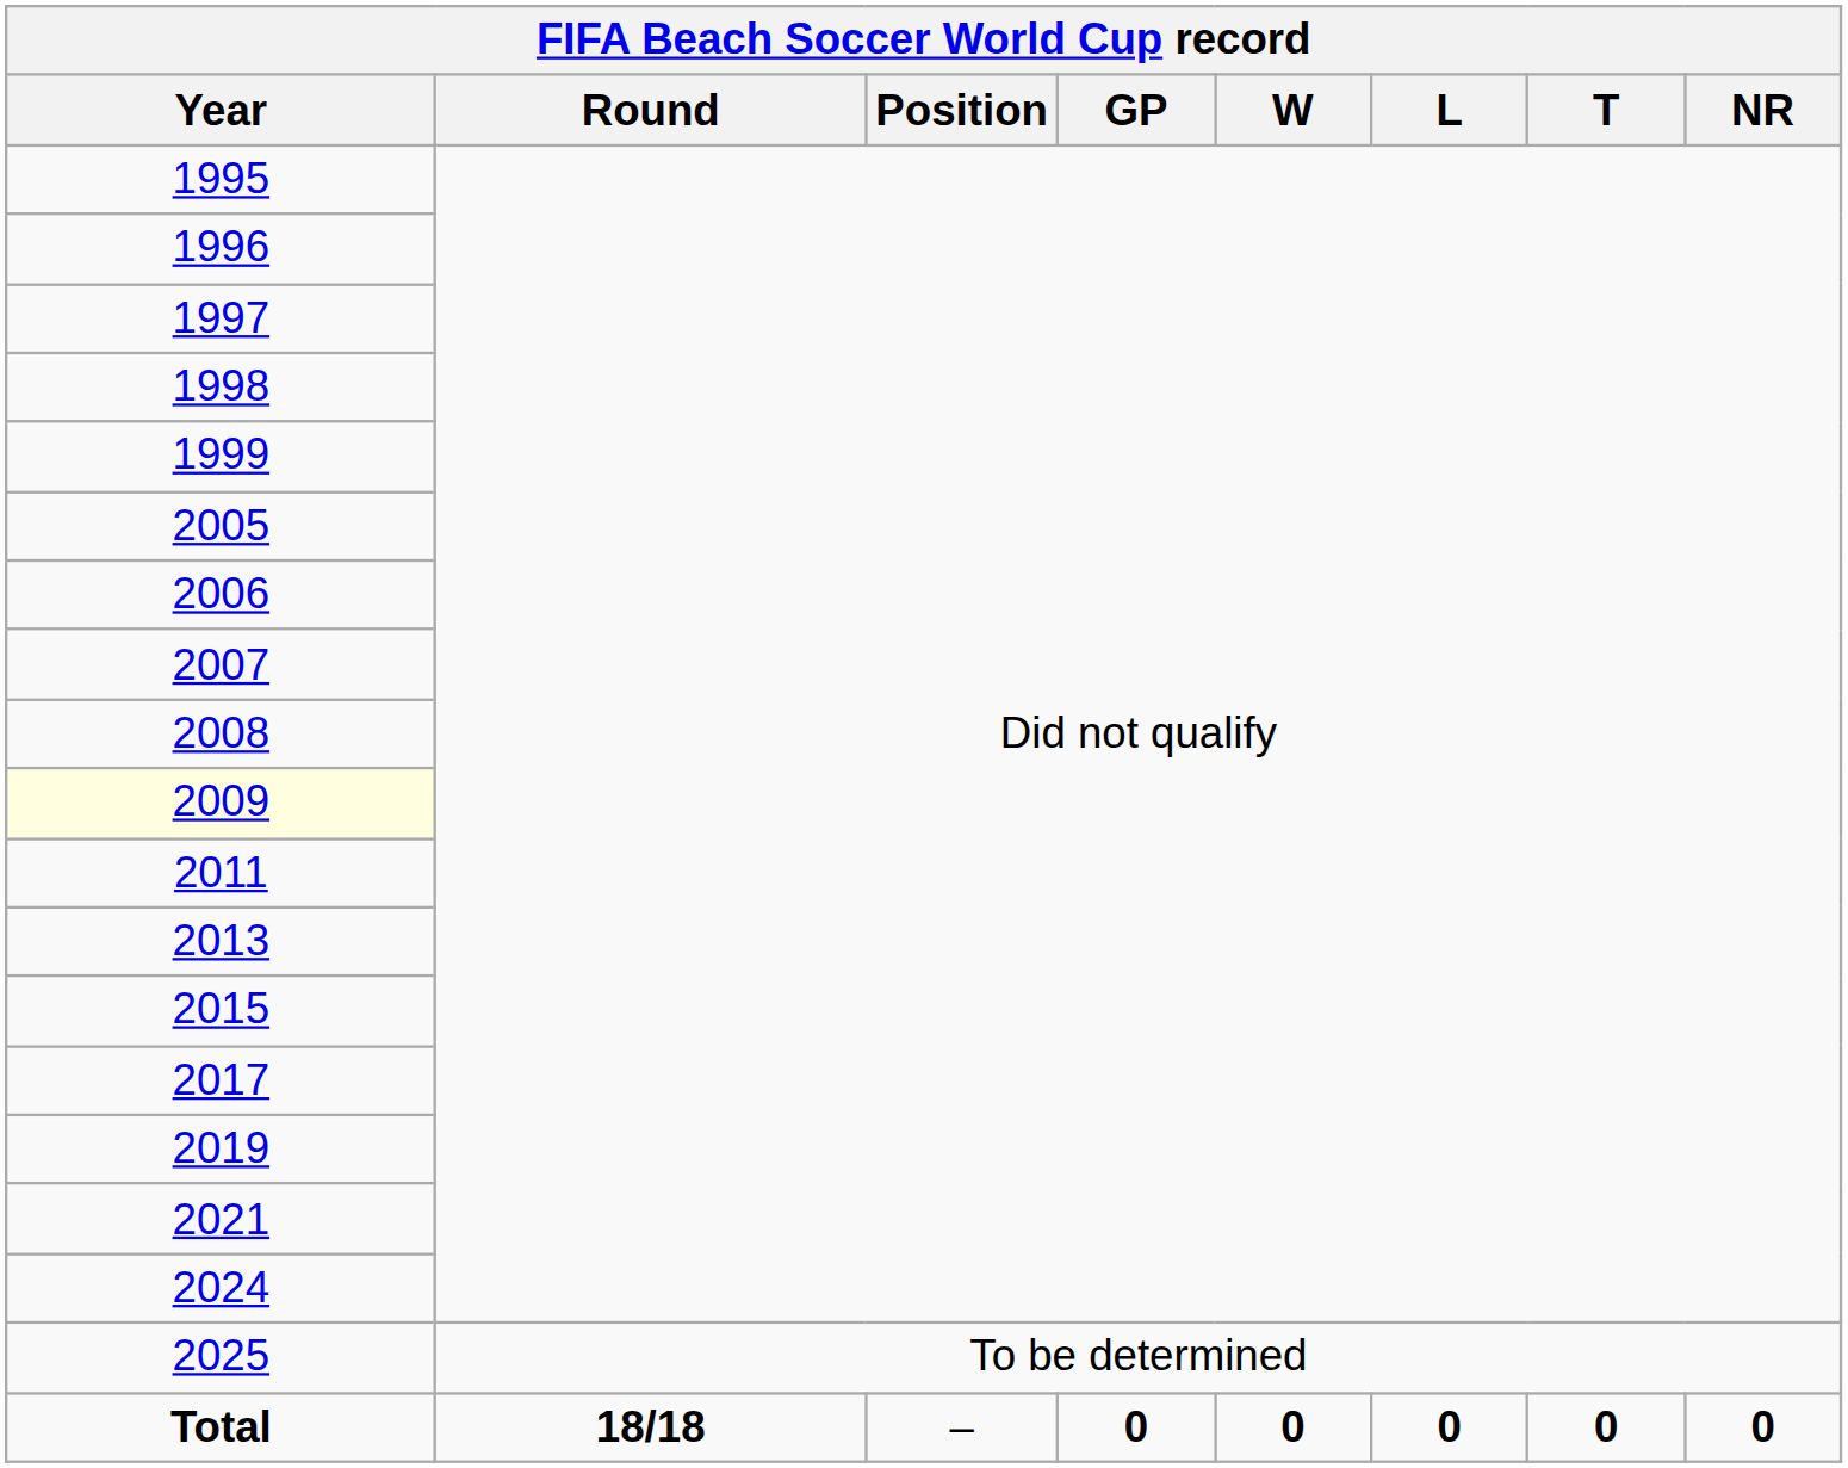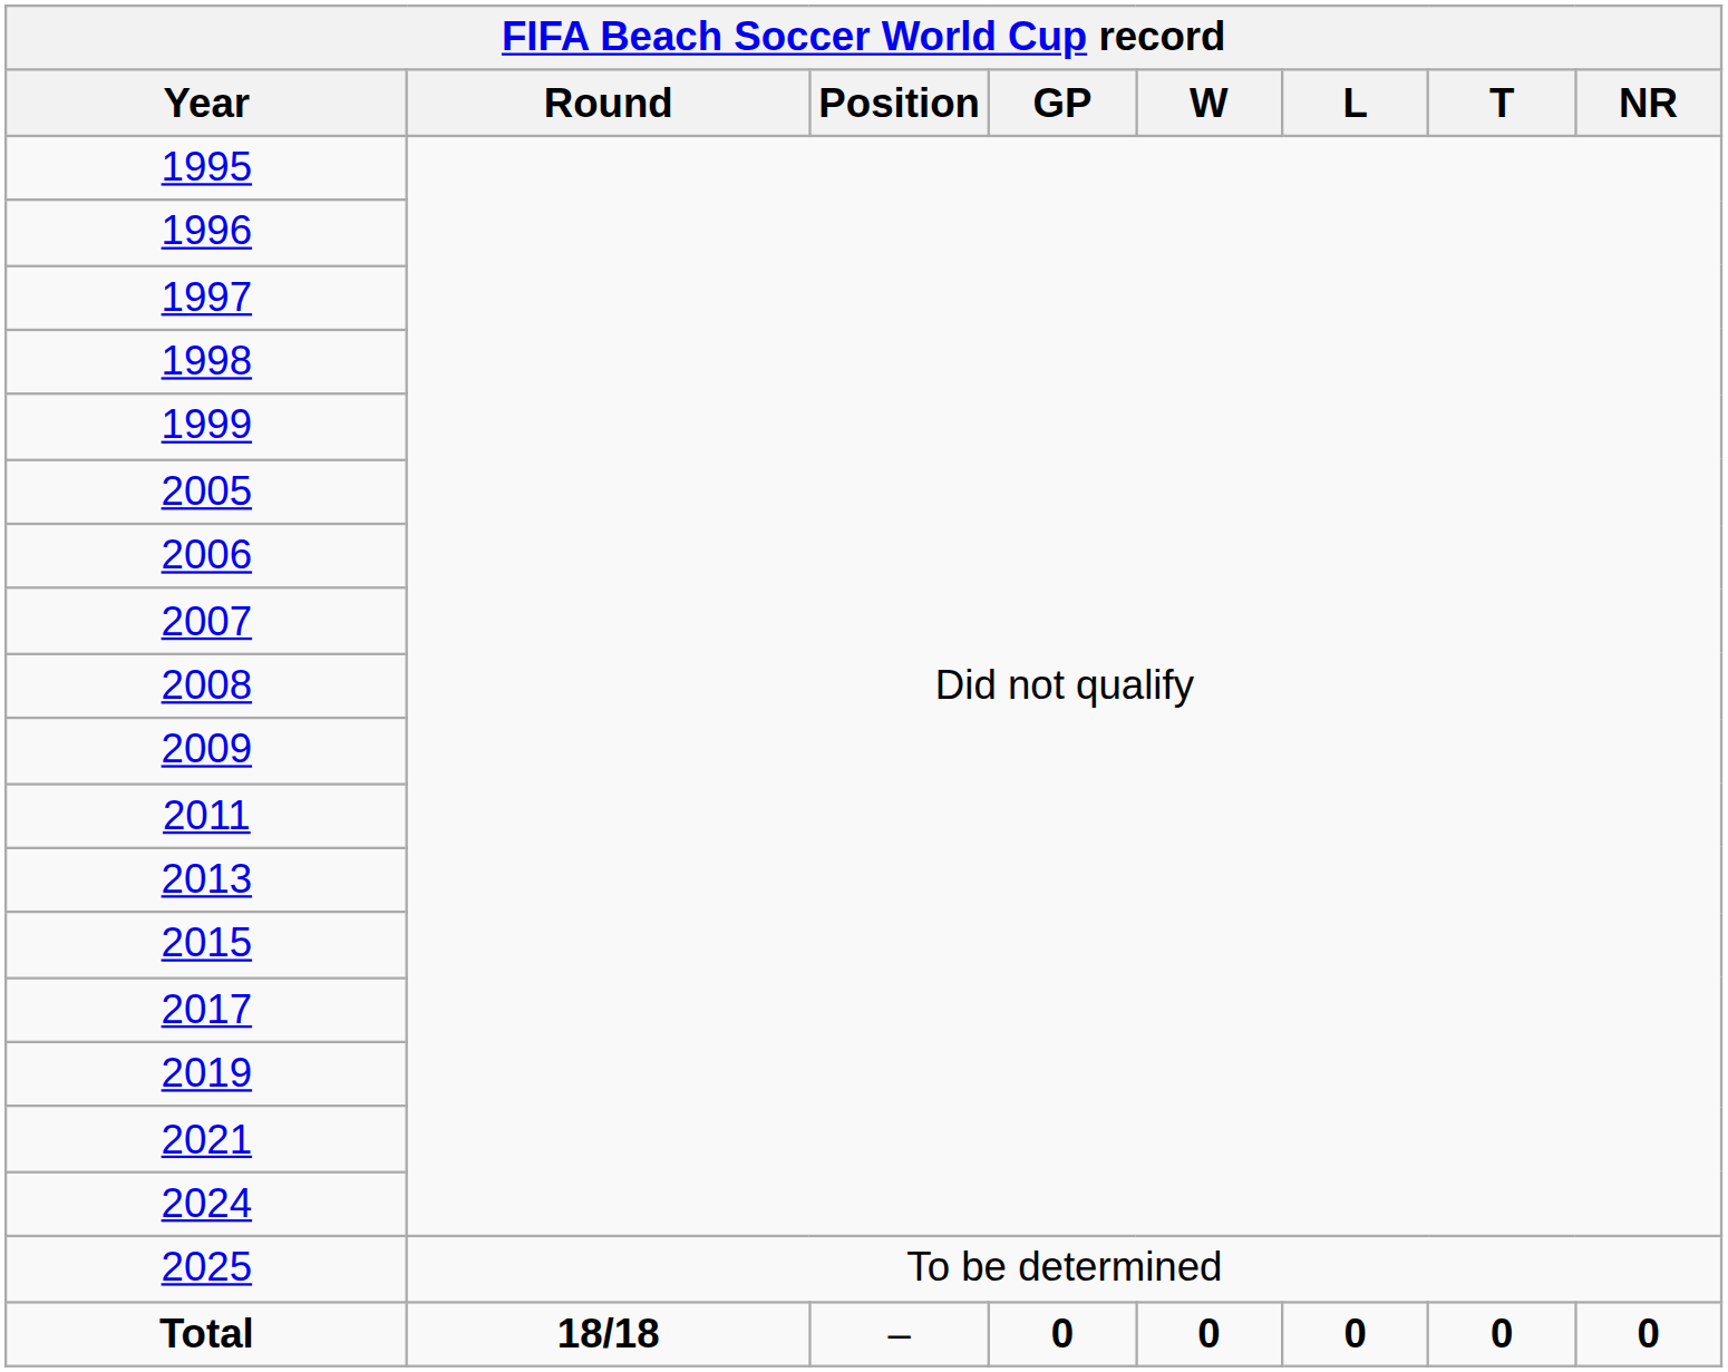 <table class="wikitable" style="text-align: center; width=900px;">
 <tr>
 <th colspan=8><a href='#'>FIFA Beach Soccer World Cup</a> record</th>
 </tr>
 <tr>
 <th width=150>Year</th>
 <th width=150>Round</th>
 <th width=50>Position</th>
 <th width=50>GP</th>
 <th width=50>W</th>
 <th width=50>L</th>
 <th width=50>T</th>
 <th width=50>NR</th>
 </tr>
 <tr>
 <td> <a href='#'>1995</a></td>
 <td rowspan=17 colspan=8>Did not qualify</td>
 </tr>
 <tr>
 <td> <a href='#'>1996</a></td>
 </tr>
 <tr>
 <td> <a href='#'>1997</a></td>
 </tr>
 <tr>
 <td> <a href='#'>1998</a></td>
 </tr>
 <tr>
 <td> <a href='#'>1999</a></td>
 </tr>
 <tr>
 <td> <a href='#'>2005</a></td>
 </tr>
 <tr>
 <td> <a href='#'>2006</a></td>
 </tr>
 <tr>
 <td> <a href='#'>2007</a></td>
 </tr>
 <tr>
 <td> <a href='#'>2008</a></td>
 </tr>
 <tr>
-<td style="background: lightyellow;"> <a href='#'>2009</a></td>
+<td> <a href='#'>2009</a></td>
 </tr>
 <tr>
 <td> <a href='#'>2011</a></td>
 </tr>
 <tr>
 <td> <a href='#'>2013</a></td>
 </tr>
 <tr>
 <td> <a href='#'>2015</a></td>
 </tr>
 <tr>
 <td> <a href='#'>2017</a></td>
 </tr>
 <tr>
 <td> <a href='#'>2019</a></td>
 </tr>
 <tr>
 <td> <a href='#'>2021</a></td>
 </tr>
 <tr>
 <td> <a href='#'>2024</a></td>
 </tr>
 <tr>
 <td> <a href='#'>2025</a></td>
 <td rowspan=1 colspan=8>To be determined</td>
 </tr>
 <tr>
 <td><strong>Total</strong></td>
 <td><strong>18/18</strong></td>
 <td>–</td>
 <td><strong>0</strong></td>
 <td><strong>0</strong></td>
 <td><strong>0</strong></td>
 <td><strong>0</strong></td>
 <td><strong>0</strong></td>
 </tr>
 </table>
